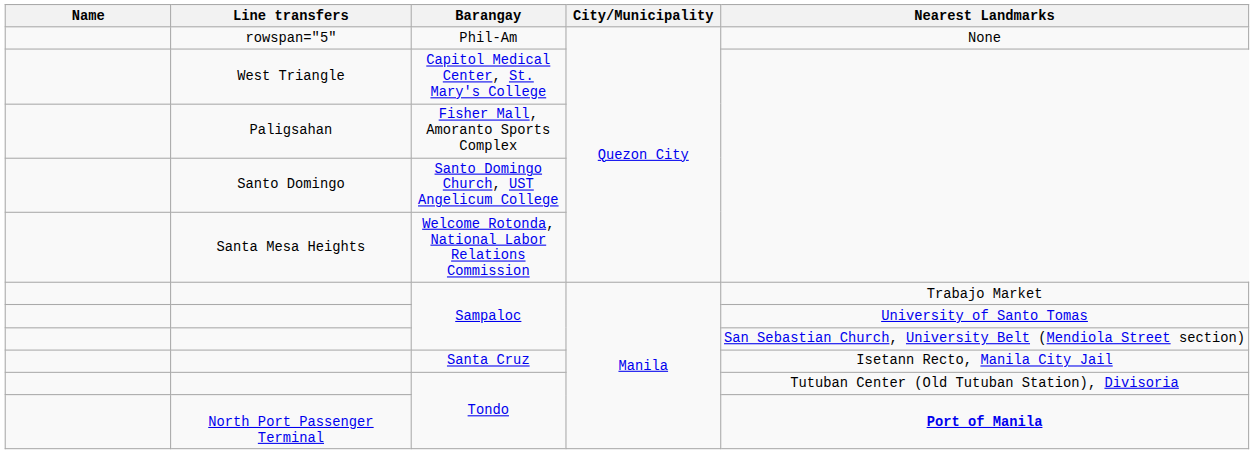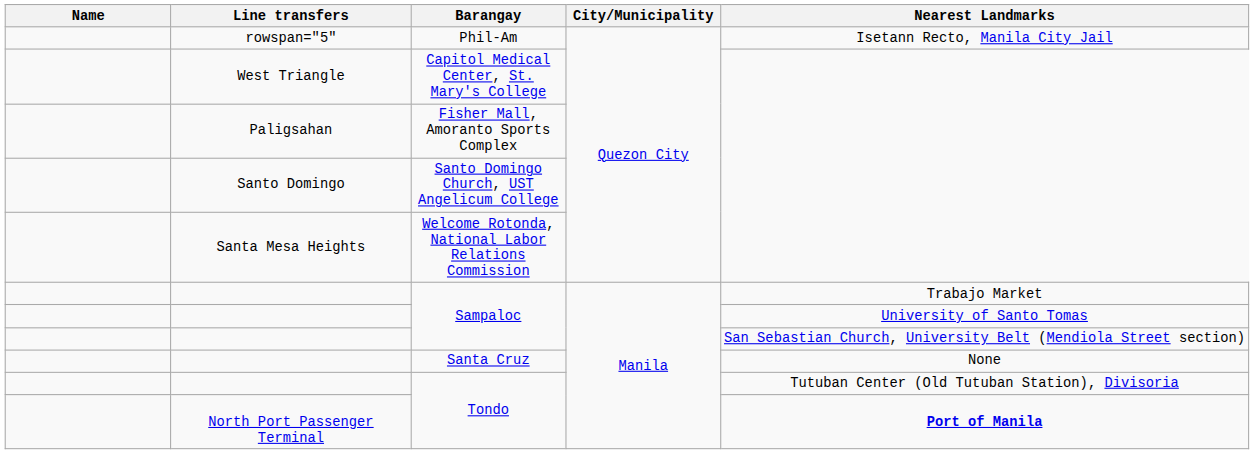 <table class="wikitable" style="margin-left: auto; margin-right: auto; border: none; text-align:center">
 <tr>
 <th width="150px">Name</th>
 <th width="220px">Line transfers</th>
 <th width="140px">Barangay</th>
 <th width="140px">City/Municipality</th>
 <th>Nearest Landmarks</th>
 </tr>
 <tr>
 <td><em></em></td>
 <td>rowspan="5" </td>
 <td>Phil-Am</td>
 <td rowspan="5"><a href='#'>Quezon City</a></td>
-<td>None</td>
+<td>Isetann Recto, <a href='#'>Manila City Jail</a></td>
 </tr>
 <tr>
 <td><em></em></td>
 <td>West Triangle</td>
 <td><a href='#'>Capitol Medical Center</a>, <a href='#'>St. Mary's College</a></td>
 </tr>
 <tr>
 <td><em></em></td>
 <td>Paligsahan</td>
 <td><a href='#'>Fisher Mall</a>, Amoranto Sports Complex</td>
 </tr>
 <tr>
 <td><em></em></td>
 <td>Santo Domingo</td>
 <td><a href='#'>Santo Domingo Church</a>, <a href='#'>UST Angelicum College</a></td>
 </tr>
 <tr>
 <td><em></em></td>
 <td>Santa Mesa Heights</td>
 <td><a href='#'>Welcome Rotonda</a>, <a href='#'>National Labor Relations Commission</a></td>
 </tr>
 <tr>
 <td><em></em></td>
 <td><a href='#'></a> </td>
 <td rowspan="3"><a href='#'>Sampaloc</a></td>
 <td rowspan="6"><a href='#'>Manila</a></td>
 <td>Trabajo Market</td>
 </tr>
 <tr>
 <td><em></em></td>
 <td></td>
 <td><a href='#'>University of Santo Tomas</a></td>
 </tr>
 <tr>
 <td><em></em></td>
 <td> </td>
 <td><a href='#'>San Sebastian Church</a>, <a href='#'>University Belt</a> (<a href='#'>Mendiola Street</a> section)</td>
 </tr>
 <tr>
 <td><em></em></td>
 <td> </td>
 <td><a href='#'>Santa Cruz</a></td>
-<td>Isetann Recto, <a href='#'>Manila City Jail</a></td>
+<td>None</td>
 </tr>
 <tr>
 <td><em></em></td>
 <td> <br> <em></em></td>
 <td rowspan="2"><a href='#'>Tondo</a></td>
 <td>Tutuban Center (Old Tutuban Station), <a href='#'>Divisoria</a></td>
 </tr>
 <tr>
 <td><em></em></td>
 <td> <em></em><br> <a href='#'>North Port Passenger Terminal</a></td>
 <td><strong><a href='#'>Port of Manila</a></strong></td>
 </tr>
 </table>
